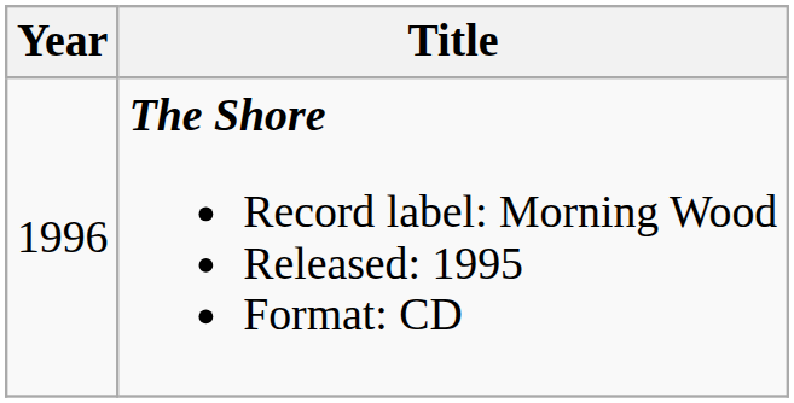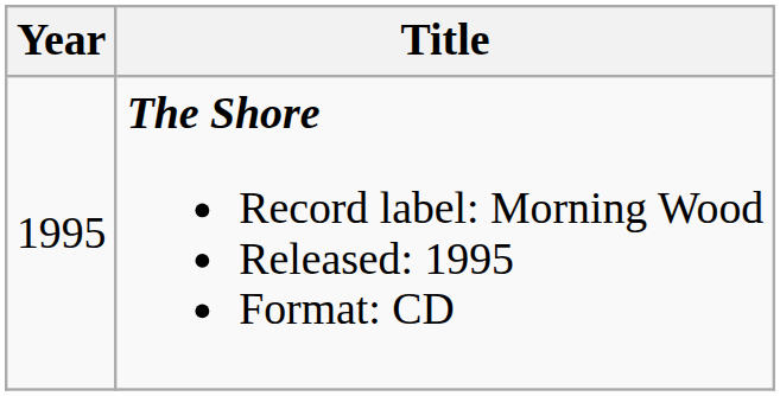 <table class="wikitable">
 <tr>
 <th>Year</th>
 <th>Title</th>
 </tr>
 <tr>
-<td>1996</td>
+<td>1995</td>
 <td><strong><em>The Shore</em></strong><br><ul><li>Record label: Morning Wood</li><li>Released: 1995</li><li>Format: CD</li></ul></td>
 </tr>
 </table>
